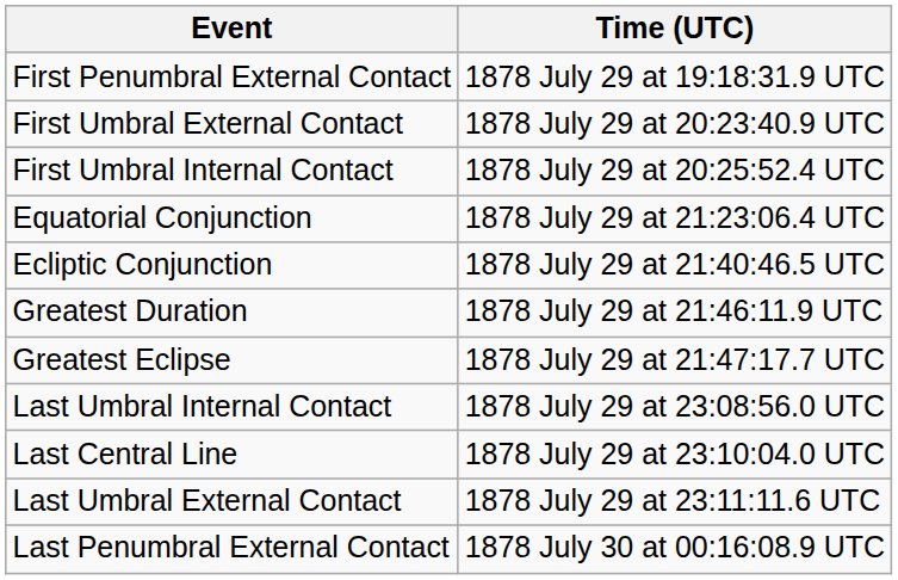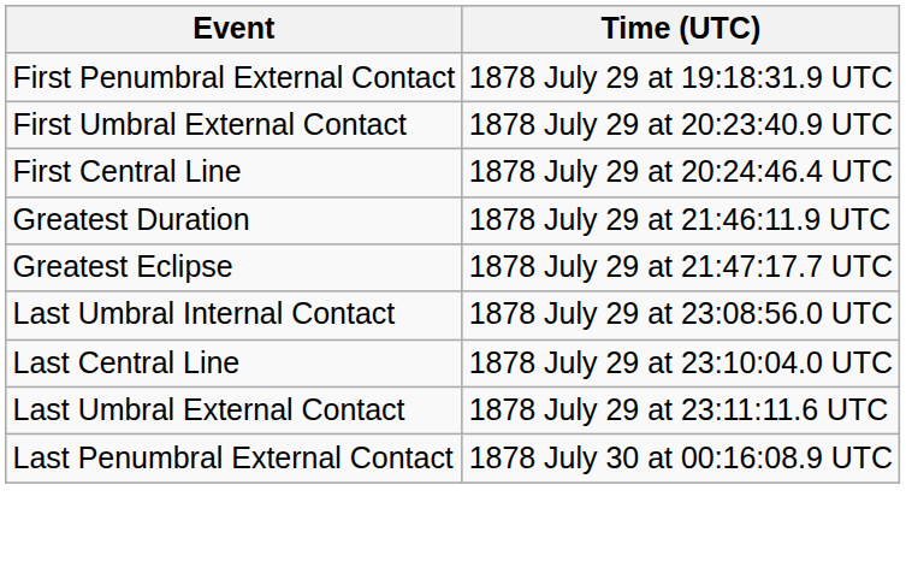 <table class="wikitable">
 <tr>
 <th>Event</th>
 <th>Time (UTC)</th>
 </tr>
 <tr>
 <td>First Penumbral External Contact</td>
 <td>1878 July 29 at 19:18:31.9 UTC</td>
 </tr>
 <tr>
 <td>First Umbral External Contact</td>
 <td>1878 July 29 at 20:23:40.9 UTC</td>
 </tr>
 <tr>
-<td>First Umbral Internal Contact</td>
-<td>1878 July 29 at 20:25:52.4 UTC</td>
-</tr>
-<tr>
-<td>Equatorial Conjunction</td>
-<td>1878 July 29 at 21:23:06.4 UTC</td>
-</tr>
-<tr>
-<td>Ecliptic Conjunction</td>
-<td>1878 July 29 at 21:40:46.5 UTC</td>
+<td>First Central Line</td>
+<td>1878 July 29 at 20:24:46.4 UTC</td>
 </tr>
 <tr>
 <td>Greatest Duration</td>
 <td>1878 July 29 at 21:46:11.9 UTC</td>
 </tr>
 <tr>
 <td>Greatest Eclipse</td>
 <td>1878 July 29 at 21:47:17.7 UTC</td>
 </tr>
 <tr>
 <td>Last Umbral Internal Contact</td>
 <td>1878 July 29 at 23:08:56.0 UTC</td>
 </tr>
 <tr>
 <td>Last Central Line</td>
 <td>1878 July 29 at 23:10:04.0 UTC</td>
 </tr>
 <tr>
 <td>Last Umbral External Contact</td>
 <td>1878 July 29 at 23:11:11.6 UTC</td>
 </tr>
 <tr>
 <td>Last Penumbral External Contact</td>
 <td>1878 July 30 at 00:16:08.9 UTC</td>
 </tr>
 </table>
